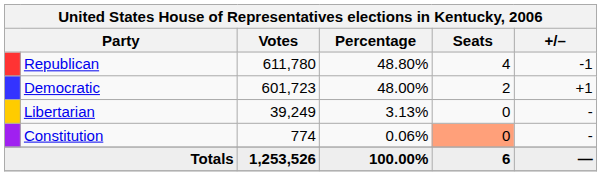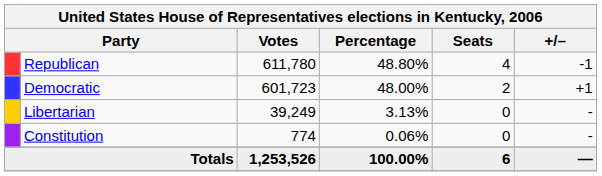 <table class="wikitable" style="font-size: 95%;">
 <tr>
 <th colspan="6">United States House of Representatives elections in Kentucky, 2006</th>
 </tr>
 <tr>
 <th colspan=2 style="width: 15em">Party</th>
 <th style="width: 5em">Votes</th>
 <th style="width: 7em">Percentage</th>
 <th style="width: 5em">Seats</th>
 <th style="width: 5em">+/–</th>
 </tr>
 <tr>
 <th style="background-color:#FF3333; width: 3px"></th>
 <td style="width: 130px"><a href='#'>Republican</a></td>
 <td align="right">611,780</td>
 <td align="right">48.80%</td>
 <td align="right">4</td>
 <td align="right">-1</td>
 </tr>
 <tr>
 <th style="background-color:#3333FF; width: 3px"></th>
 <td style="width: 130px"><a href='#'>Democratic</a></td>
 <td align="right">601,723</td>
 <td align="right">48.00%</td>
 <td align="right">2</td>
 <td align="right">+1</td>
 </tr>
 <tr>
 <th style="background-color:#FFCC00; width: 3px"></th>
 <td style="width: 130px"><a href='#'>Libertarian</a></td>
 <td align="right">39,249</td>
 <td align="right">3.13%</td>
 <td align="right">0</td>
 <td align="right">-</td>
 </tr>
 <tr>
 <th style="background-color:#A020F0; width: 3px"></th>
 <td style="width: 130px"><a href='#'>Constitution</a></td>
 <td align="right">774</td>
 <td align="right">0.06%</td>
-<td align="right" style="background: lightsalmon;">0</td>
+<td align="right">0</td>
 <td align="right">-</td>
 </tr>
 <tr>
 </tr>
 <tr bgcolor="#EEEEEE">
 <td colspan="2" align="right"><strong>Totals</strong></td>
 <td align="right"><strong>1,253,526</strong></td>
 <td align="right"><strong>100.00%</strong></td>
 <td align="right"><strong>6</strong></td>
 <td align="right"><strong>—</strong></td>
 </tr>
 <tr bgcolor="#EEEEEE">
 </tr>
 </table>
